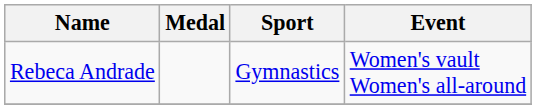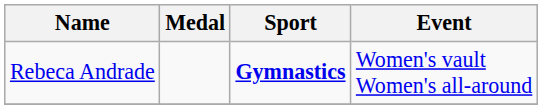 <table class="wikitable" style="font-size:90%">
 <tr>
 <th>Name</th>
 <th>Medal</th>
 <th>Sport</th>
 <th>Event</th>
 </tr>
 <tr>
 <td><a href='#'>Rebeca Andrade</a></td>
 <td><br></td>
-<td><a href='#'>Gymnastics</a></td>
+<td><strong><a href='#'>Gymnastics</a></strong></td>
 <td><a href='#'>Women's vault</a><br><a href='#'>Women's all-around</a></td>
 </tr>
 <tr>
 </tr>
 </table>
